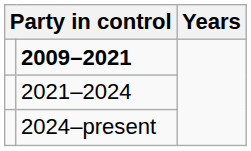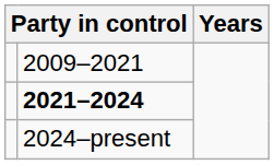 <table class="wikitable">
 <tr>
 <th colspan="2">Party in control</th>
 <th>Years</th>
 </tr>
 <tr>
 <td></td>
-<td><strong>2009–2021</strong></td>
+<td>2009–2021</td>
 </tr>
 <tr>
 <td></td>
-<td>2021–2024</td>
+<td><strong>2021–2024</strong></td>
 </tr>
 <tr>
 <td></td>
 <td>2024–present</td>
 </tr>
 </table>
